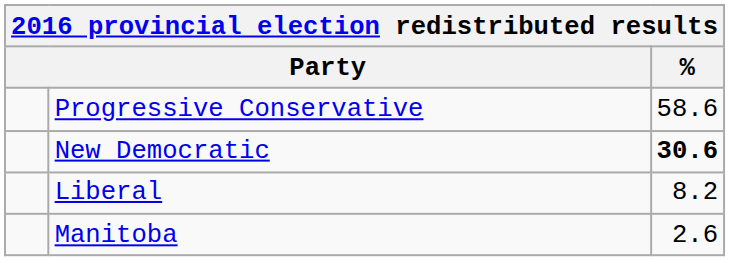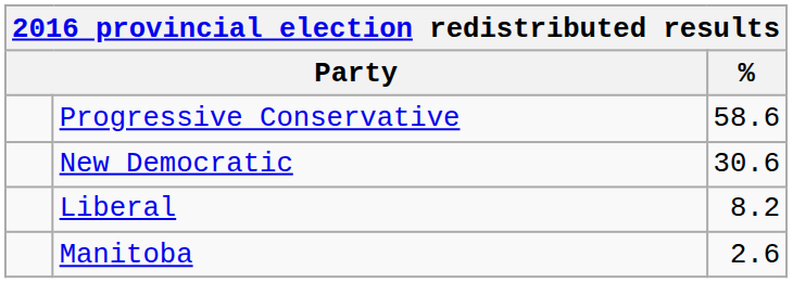 <table class="wikitable">
 <tr>
 <th colspan="4"><a href='#'>2016 provincial election</a> redistributed results</th>
 </tr>
 <tr>
 <th bgcolor="#DDDDFF" width="130px" colspan="2">Party</th>
 <th bgcolor="#DDDDFF" width="30px">%</th>
 </tr>
 <tr>
 <td> </td>
 <td><a href='#'>Progressive Conservative</a></td>
 <td align=right>58.6</td>
 </tr>
 <tr>
 <td> </td>
 <td><a href='#'>New Democratic</a></td>
-<td align=right><strong>30.6</strong></td>
+<td align=right>30.6</td>
 </tr>
 <tr>
 <td> </td>
 <td><a href='#'>Liberal</a></td>
 <td align=right>8.2</td>
 </tr>
 <tr>
 <td> </td>
 <td><a href='#'>Manitoba</a></td>
 <td align=right>2.6</td>
 </tr>
 </table>
